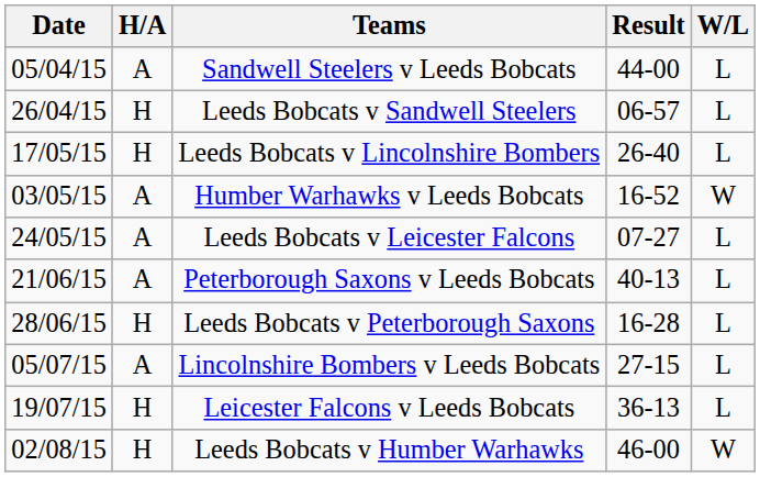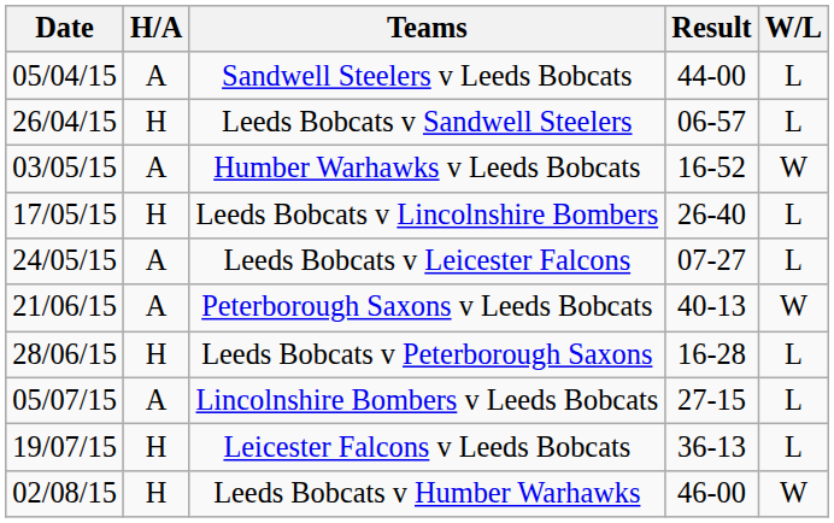 <table class="wikitable" style="text-align: center;">
 <tr>
 <th>Date</th>
 <th>H/A</th>
 <th>Teams</th>
 <th>Result</th>
 <th>W/L</th>
 </tr>
 <tr>
 <td>05/04/15</td>
 <td>A</td>
 <td><a href='#'>Sandwell Steelers</a> v Leeds Bobcats</td>
 <td>44-00</td>
 <td>L</td>
 </tr>
 <tr>
 <td>26/04/15</td>
 <td>H</td>
 <td>Leeds Bobcats v <a href='#'>Sandwell Steelers</a></td>
 <td>06-57</td>
 <td>L</td>
 </tr>
 <tr>
+<td>03/05/15</td>
+<td>A</td>
+<td><a href='#'>Humber Warhawks</a> v Leeds Bobcats</td>
+<td>16-52</td>
+<td>W</td>
+</tr>
+<tr>
 <td>17/05/15</td>
 <td>H</td>
 <td>Leeds Bobcats v <a href='#'>Lincolnshire Bombers</a></td>
 <td>26-40</td>
 <td>L</td>
-</tr>
-<tr>
-<td>03/05/15</td>
-<td>A</td>
-<td><a href='#'>Humber Warhawks</a> v Leeds Bobcats</td>
-<td>16-52</td>
-<td>W</td>
 </tr>
 <tr>
 <td>24/05/15</td>
 <td>A</td>
 <td>Leeds Bobcats v <a href='#'>Leicester Falcons</a></td>
 <td>07-27</td>
 <td>L</td>
 </tr>
 <tr>
 <td>21/06/15</td>
 <td>A</td>
 <td><a href='#'>Peterborough Saxons</a> v Leeds Bobcats</td>
 <td>40-13</td>
-<td>L</td>
+<td>W</td>
 </tr>
 <tr>
 <td>28/06/15</td>
 <td>H</td>
 <td>Leeds Bobcats v <a href='#'>Peterborough Saxons</a></td>
 <td>16-28</td>
 <td>L</td>
 </tr>
 <tr>
 <td>05/07/15</td>
 <td>A</td>
 <td><a href='#'>Lincolnshire Bombers</a> v Leeds Bobcats</td>
 <td>27-15</td>
 <td>L</td>
 </tr>
 <tr>
 <td>19/07/15</td>
 <td>H</td>
 <td><a href='#'>Leicester Falcons</a> v Leeds Bobcats</td>
 <td>36-13</td>
 <td>L</td>
 </tr>
 <tr>
 <td>02/08/15</td>
 <td>H</td>
 <td>Leeds Bobcats v <a href='#'>Humber Warhawks</a></td>
 <td>46-00</td>
 <td>W</td>
 </tr>
 </table>
